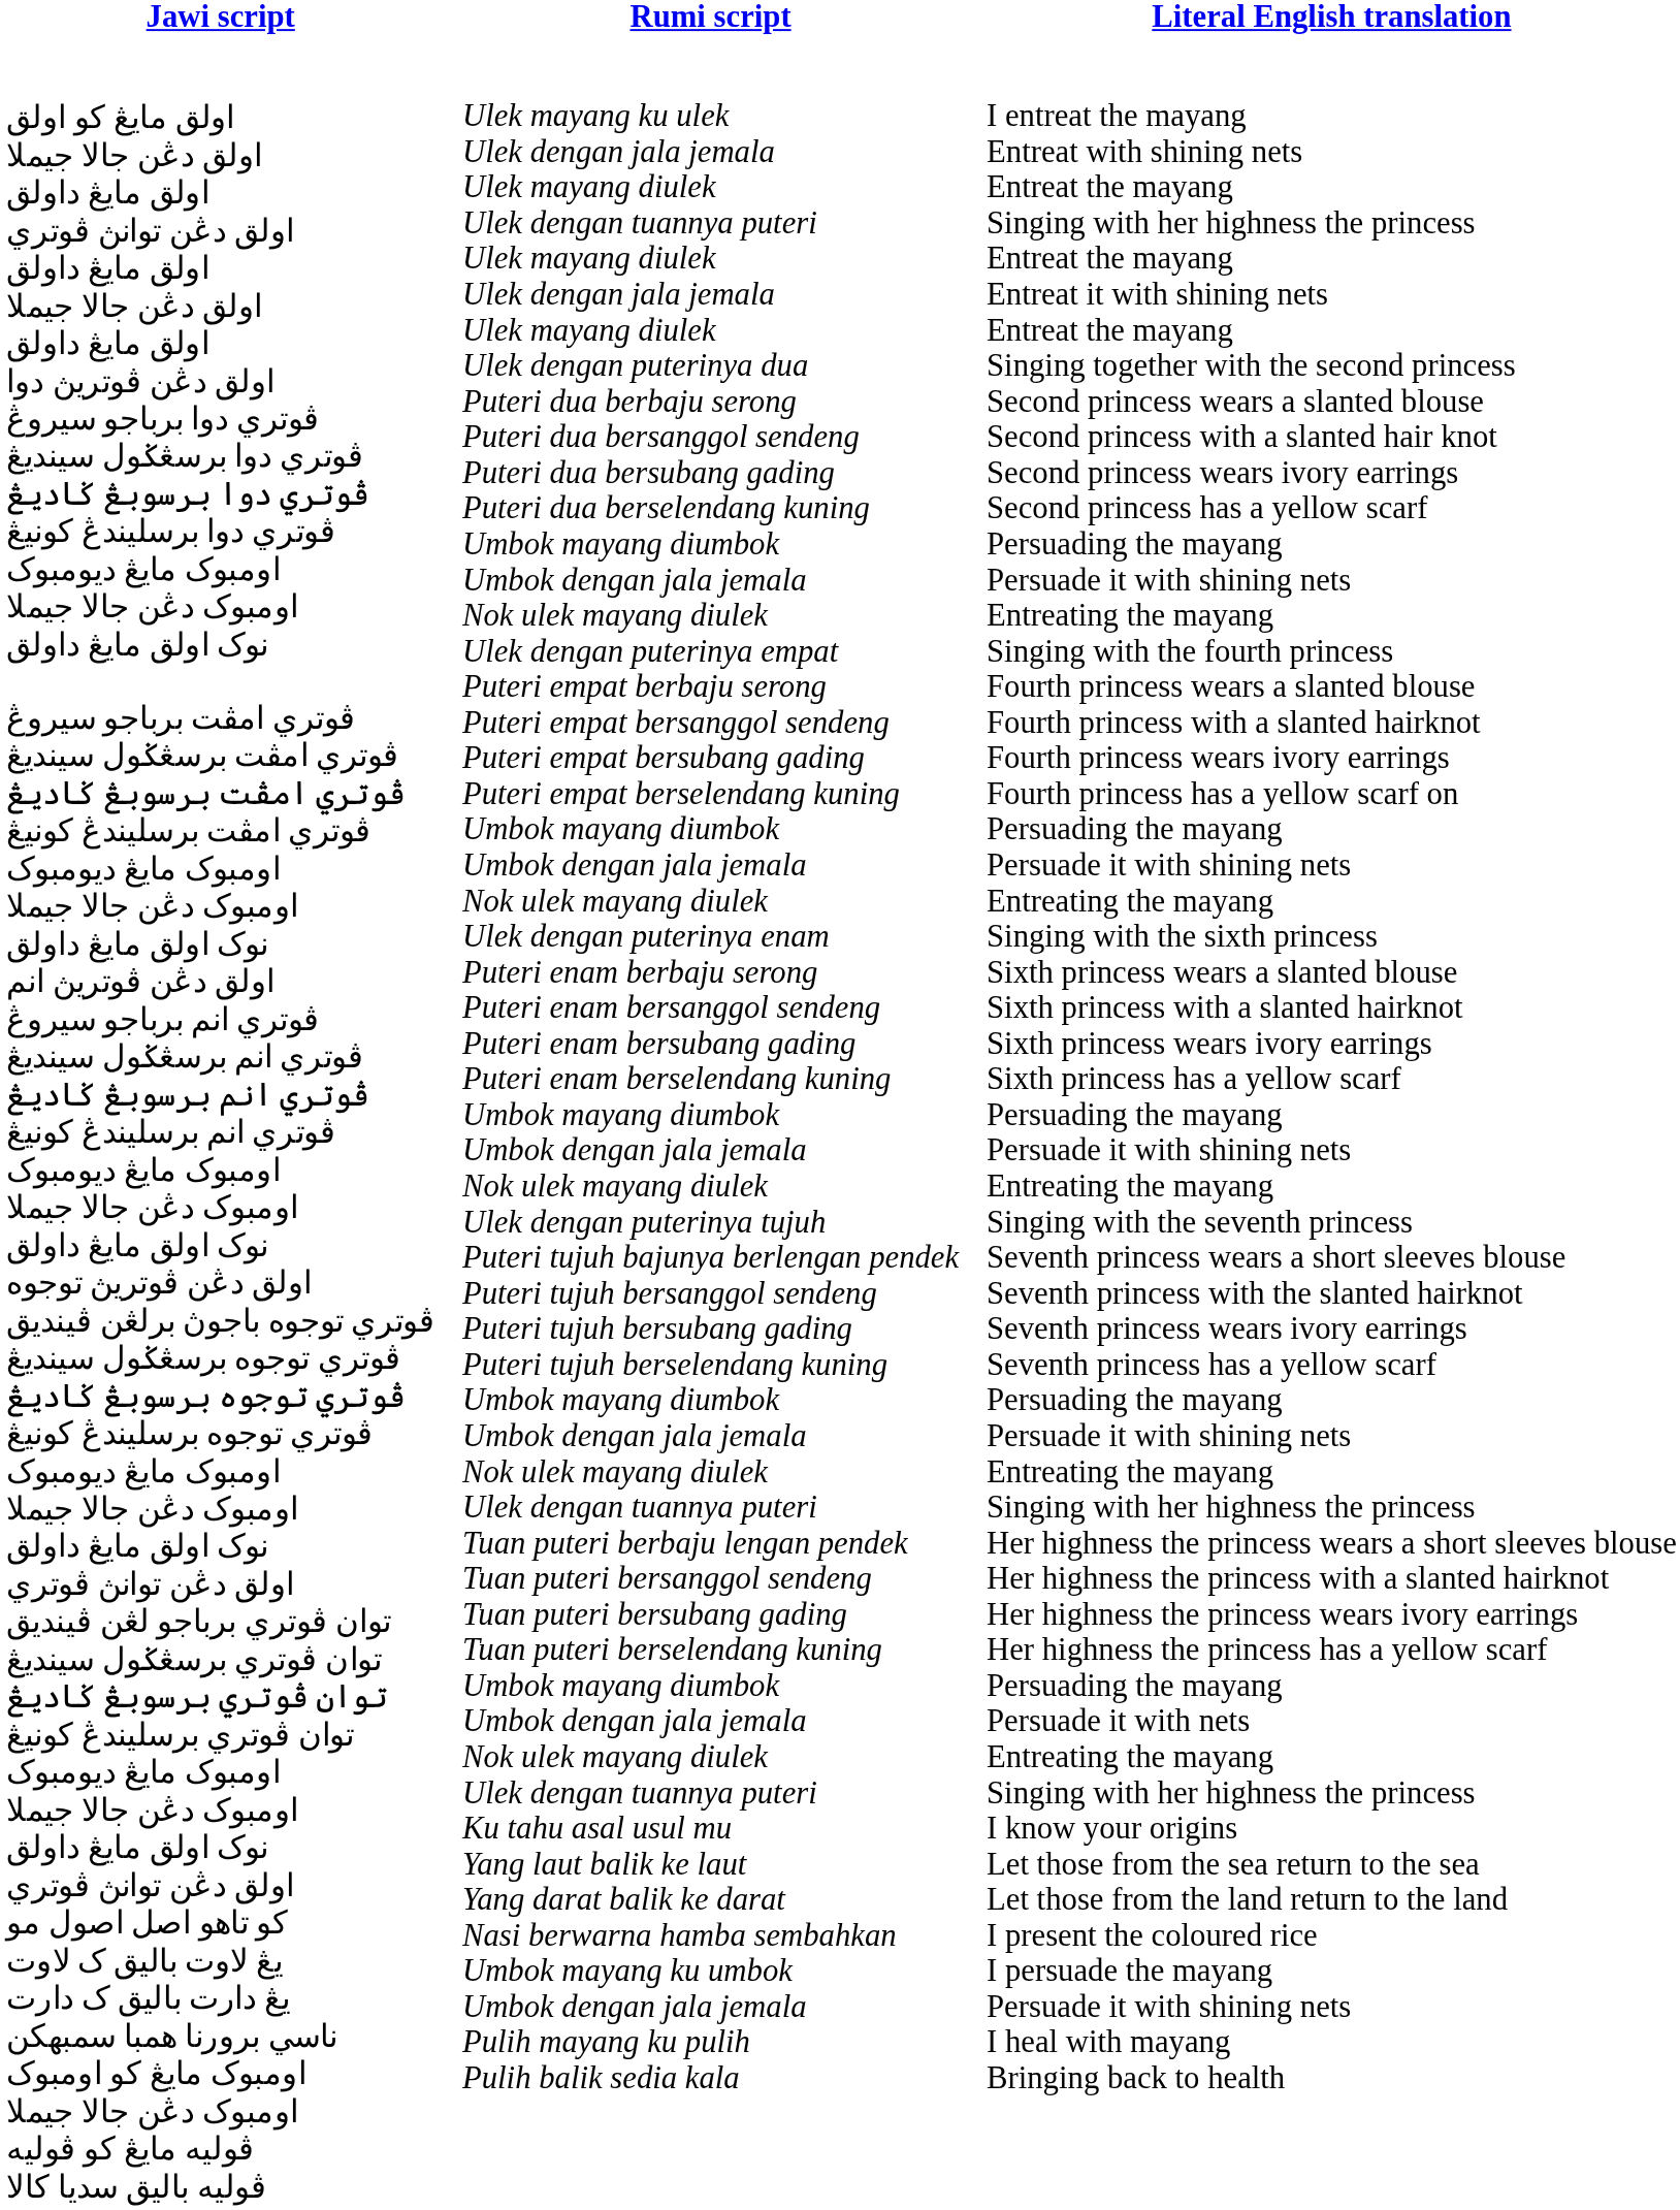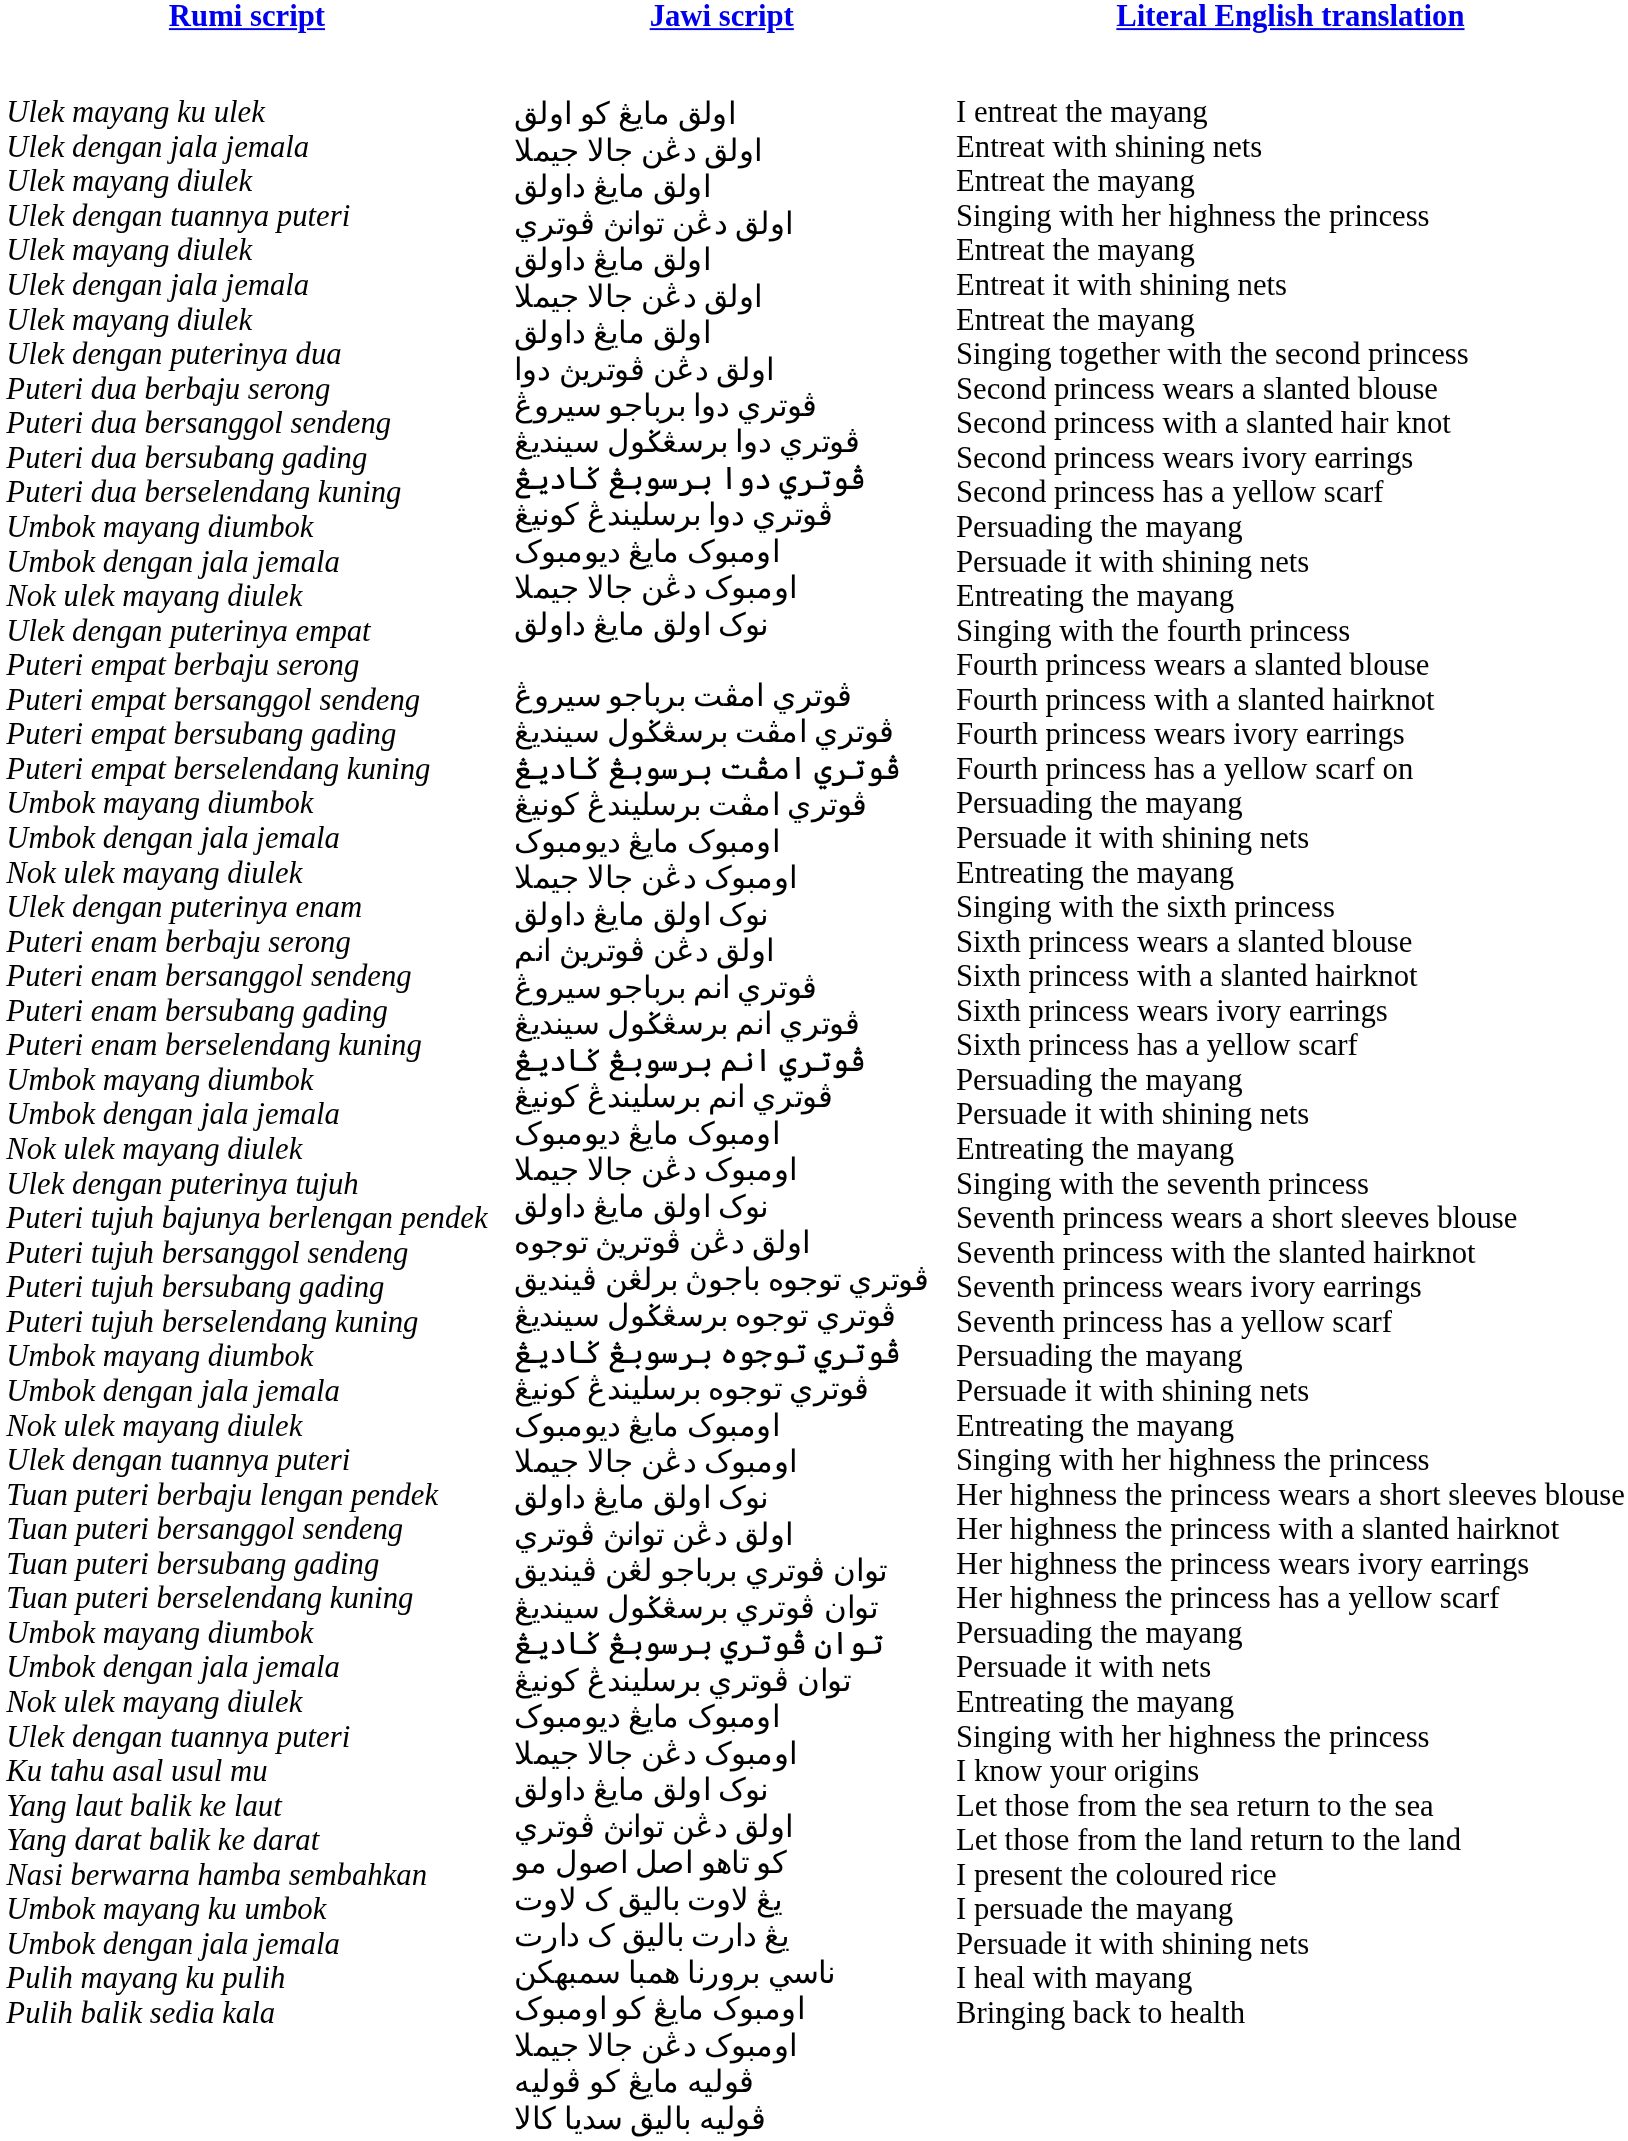 <table cellpadding=6>
 <tr>
+<th><a href='#'>Rumi script</a></th>
 <th><a href='#'>Jawi script</a></th>
-<th><a href='#'>Rumi script</a></th>
 <th><a href='#'>Literal English translation</a></th>
 </tr>
 <tr style="vertical-align:top; white-space:nowrap;">
+<td><br><em>Ulek mayang ku ulek</em><br>  <em>Ulek dengan jala jemala</em><br>  <em>Ulek mayang diulek</em><br>  <em>Ulek dengan tuannya puteri</em><br>  <em>Ulek mayang diulek</em><br>  <em>Ulek dengan jala jemala</em><br>  <em>Ulek mayang diulek</em><br>  <em>Ulek dengan puterinya dua</em><br><em>Puteri dua berbaju serong</em><br>  <em>Puteri dua bersanggol sendeng</em><br>  <em>Puteri dua bersubang gading</em><br>  <em>Puteri dua berselendang kuning</em><br>  <em>Umbok mayang diumbok</em><br>  <em>Umbok dengan jala jemala</em><br>  <em>Nok ulek mayang diulek</em><br>  <em>Ulek dengan puterinya empat</em><br><em>Puteri empat berbaju serong</em><br>  <em>Puteri empat bersanggol sendeng</em><br>  <em>Puteri empat bersubang gading</em><br>  <em>Puteri empat berselendang kuning</em><br>  <em>Umbok mayang diumbok</em><br>  <em>Umbok dengan jala jemala</em><br>  <em>Nok ulek mayang diulek</em><br>  <em>Ulek dengan puterinya enam</em><br><em>Puteri enam berbaju serong</em><br>  <em>Puteri enam bersanggol sendeng</em><br>  <em>Puteri enam bersubang gading</em><br>  <em>Puteri enam berselendang kuning</em><br>  <em>Umbok mayang diumbok</em><br>  <em>Umbok dengan jala jemala</em><br>  <em>Nok ulek mayang diulek</em><br>  <em>Ulek dengan puterinya tujuh</em><br><em>Puteri tujuh bajunya berlengan pendek</em><br>  <em>Puteri tujuh bersanggol sendeng</em><br>  <em>Puteri tujuh bersubang gading</em><br>  <em>Puteri tujuh berselendang kuning</em><br>  <em>Umbok mayang diumbok</em><br>  <em>Umbok dengan jala jemala</em><br>  <em>Nok ulek mayang diulek</em><br>  <em>Ulek dengan tuannya puteri</em><br><em>Tuan puteri berbaju lengan pendek</em><br>  <em>Tuan puteri bersanggol sendeng</em><br>  <em>Tuan puteri bersubang gading</em><br>  <em>Tuan puteri berselendang kuning</em><br>  <em>Umbok mayang diumbok</em><br>  <em>Umbok dengan jala jemala</em><br>  <em>Nok ulek mayang diulek</em><br>  <em>Ulek dengan tuannya puteri</em><br><em>Ku tahu asal usul mu</em><br>  <em>Yang laut balik ke laut</em><br>  <em>Yang darat balik ke darat</em><br>  <em>Nasi berwarna hamba sembahkan</em><br>  <em>Umbok mayang ku umbok</em><br>  <em>Umbok dengan jala jemala</em><br>  <em>Pulih mayang ku pulih</em><br>  <em>Pulih balik sedia kala</em><br></td>
 <td><div><br>اولق مايڠ کو اولق<br> اولق دڠن جالا جيملا<br> اولق مايڠ داولق<br> اولق دڠن توانڽ ڤوتري<br> اولق مايڠ داولق<br> اولق دڠن جالا جيملا<br> اولق مايڠ داولق<br> اولق دڠن ڤوتريڽ دوا<br>ڤوتري دوا برباجو سيروڠ<br> ڤوتري دوا برسڠݢول سينديڠ<br> ڤوتري دوا برسوبڠ ݢاديڠ<br> ڤوتري دوا برسليندڠ کونيڠ<br> اومبوک مايڠ ديومبوک<br> اومبوک دڠن جالا جيملا<br> نوک اولق مايڠ داولق<br><br>ڤوتري امڤت برباجو سيروڠ<br> ڤوتري امڤت برسڠݢول سينديڠ<br> ڤوتري امڤت برسوبڠ ݢاديڠ<br> ڤوتري امڤت برسليندڠ کونيڠ<br> اومبوک مايڠ ديومبوک<br> اومبوک دڠن جالا جيملا<br> نوک اولق مايڠ داولق<br> اولق دڠن ڤوتريڽ انم<br>ڤوتري انم برباجو سيروڠ<br> ڤوتري انم برسڠݢول سينديڠ<br> ڤوتري انم برسوبڠ ݢاديڠ<br> ڤوتري انم برسليندڠ کونيڠ<br> اومبوک مايڠ ديومبوک<br> اومبوک دڠن جالا جيملا<br> نوک اولق مايڠ داولق<br> اولق دڠن ڤوتريڽ توجوه<br>ڤوتري توجوه باجوڽ برلڠن ڤينديق<br> ڤوتري توجوه برسڠݢول سينديڠ<br> ڤوتري توجوه برسوبڠ ݢاديڠ<br> ڤوتري توجوه برسليندڠ کونيڠ<br> اومبوک مايڠ ديومبوک<br> اومبوک دڠن جالا جيملا<br> نوک اولق مايڠ داولق<br> اولق دڠن توانڽ ڤوتري<br>توان ڤوتري برباجو لڠن ڤينديق<br> توان ڤوتري برسڠݢول سينديڠ<br> توان ڤوتري برسوبڠ ݢاديڠ<br> توان ڤوتري برسليندڠ کونيڠ<br> اومبوک مايڠ ديومبوک<br> اومبوک دڠن جالا جيملا<br> نوک اولق مايڠ داولق<br> اولق دڠن توانڽ ڤوتري<br>کو تاهو اصل اصول مو<br> يڠ لاوت باليق ک لاوت<br> يڠ دارت باليق ک دارت<br> ناسي برورنا همبا سمبهکن<br> اومبوک مايڠ کو اومبوک<br> اومبوک دڠن جالا جيملا<br> ڤوليه مايڠ کو ڤوليه<br> ڤوليه باليق سديا کالا </div></td>
-<td><br><em>Ulek mayang ku ulek</em><br>  <em>Ulek dengan jala jemala</em><br>  <em>Ulek mayang diulek</em><br>  <em>Ulek dengan tuannya puteri</em><br>  <em>Ulek mayang diulek</em><br>  <em>Ulek dengan jala jemala</em><br>  <em>Ulek mayang diulek</em><br>  <em>Ulek dengan puterinya dua</em><br><em>Puteri dua berbaju serong</em><br>  <em>Puteri dua bersanggol sendeng</em><br>  <em>Puteri dua bersubang gading</em><br>  <em>Puteri dua berselendang kuning</em><br>  <em>Umbok mayang diumbok</em><br>  <em>Umbok dengan jala jemala</em><br>  <em>Nok ulek mayang diulek</em><br>  <em>Ulek dengan puterinya empat</em><br><em>Puteri empat berbaju serong</em><br>  <em>Puteri empat bersanggol sendeng</em><br>  <em>Puteri empat bersubang gading</em><br>  <em>Puteri empat berselendang kuning</em><br>  <em>Umbok mayang diumbok</em><br>  <em>Umbok dengan jala jemala</em><br>  <em>Nok ulek mayang diulek</em><br>  <em>Ulek dengan puterinya enam</em><br><em>Puteri enam berbaju serong</em><br>  <em>Puteri enam bersanggol sendeng</em><br>  <em>Puteri enam bersubang gading</em><br>  <em>Puteri enam berselendang kuning</em><br>  <em>Umbok mayang diumbok</em><br>  <em>Umbok dengan jala jemala</em><br>  <em>Nok ulek mayang diulek</em><br>  <em>Ulek dengan puterinya tujuh</em><br><em>Puteri tujuh bajunya berlengan pendek</em><br>  <em>Puteri tujuh bersanggol sendeng</em><br>  <em>Puteri tujuh bersubang gading</em><br>  <em>Puteri tujuh berselendang kuning</em><br>  <em>Umbok mayang diumbok</em><br>  <em>Umbok dengan jala jemala</em><br>  <em>Nok ulek mayang diulek</em><br>  <em>Ulek dengan tuannya puteri</em><br><em>Tuan puteri berbaju lengan pendek</em><br>  <em>Tuan puteri bersanggol sendeng</em><br>  <em>Tuan puteri bersubang gading</em><br>  <em>Tuan puteri berselendang kuning</em><br>  <em>Umbok mayang diumbok</em><br>  <em>Umbok dengan jala jemala</em><br>  <em>Nok ulek mayang diulek</em><br>  <em>Ulek dengan tuannya puteri</em><br><em>Ku tahu asal usul mu</em><br>  <em>Yang laut balik ke laut</em><br>  <em>Yang darat balik ke darat</em><br>  <em>Nasi berwarna hamba sembahkan</em><br>  <em>Umbok mayang ku umbok</em><br>  <em>Umbok dengan jala jemala</em><br>  <em>Pulih mayang ku pulih</em><br>  <em>Pulih balik sedia kala</em><br></td>
 <td><br>I entreat the mayang<br> Entreat with shining nets<br> Entreat the mayang<br> Singing with her highness the princess<br> Entreat the mayang<br> Entreat it with shining nets<br> Entreat the mayang<br> Singing together with the second princess<br>Second princess wears a slanted blouse<br> Second princess with a slanted hair knot<br> Second princess wears ivory earrings<br> Second princess has a yellow scarf<br> Persuading the mayang<br> Persuade it with shining nets<br> Entreating the mayang<br> Singing with the fourth princess<br>Fourth princess wears a slanted blouse<br> Fourth princess with a slanted hairknot<br> Fourth princess wears ivory earrings<br> Fourth princess has a yellow scarf on<br> Persuading the mayang<br> Persuade it with shining nets<br> Entreating the mayang<br> Singing with the sixth princess<br>Sixth princess wears a slanted blouse<br> Sixth princess with a slanted hairknot<br> Sixth princess wears ivory earrings<br> Sixth princess has a yellow scarf <br> Persuading the mayang<br> Persuade it with shining nets<br> Entreating the mayang<br> Singing with the seventh princess<br>Seventh princess wears a short sleeves blouse<br> Seventh princess with the slanted hairknot<br> Seventh princess wears ivory earrings<br> Seventh princess has a yellow scarf <br> Persuading the mayang<br> Persuade it with shining nets<br> Entreating the mayang<br> Singing with her highness the princess<br>Her highness the princess wears a short sleeves blouse<br> Her highness the princess with a slanted hairknot<br> Her highness the princess wears ivory earrings<br> Her highness the princess has a yellow scarf <br> Persuading the mayang<br> Persuade it with nets<br> Entreating the mayang<br> Singing with her highness the princess<br>I know your origins<br> Let those from the sea return to the sea<br> Let those from the land return to the land<br> I present the coloured rice<br> I persuade the mayang<br> Persuade it with shining nets<br> I heal with mayang<br> Bringing back to health</td>
 </tr>
 </table>
